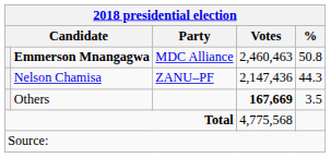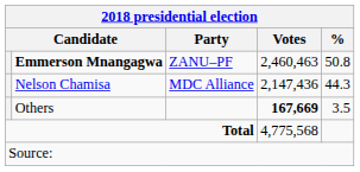 <table class="wikitable">
 <tr>
 <th colspan="5"><a href='#'>2018 presidential election</a></th>
 </tr>
 <tr>
 <th colspan="2">Candidate</th>
 <th>Party</th>
 <th>Votes</th>
 <th>%</th>
 </tr>
 <tr>
 <th style="background-color: "></th>
 <td><strong>Emmerson Mnangagwa</strong></td>
-<td><a href='#'>MDC Alliance</a></td>
+<td><a href='#'>ZANU–PF</a></td>
 <td style="text-align:right">2,460,463</td>
 <td style="text-align:right">50.8</td>
 </tr>
 <tr>
 <th style="background-color: "></th>
 <td><a href='#'>Nelson Chamisa</a></td>
-<td><a href='#'>ZANU–PF</a></td>
+<td><a href='#'>MDC Alliance</a></td>
 <td style="text-align:right">2,147,436</td>
 <td style="text-align:right">44.3</td>
 </tr>
 <tr>
 <th style="background-color: "></th>
 <td>Others</td>
 <td></td>
 <td style="text-align:right"><strong>167,669</strong></td>
 <td style="text-align:right">3.5</td>
 </tr>
 <tr>
 <td colspan="3" style="text-align:right"><strong>Total</strong></td>
 <td style="text-align:right">4,775,568</td>
 <td style="text-align:right"></td>
 </tr>
 <tr>
 <td colspan="5" style="text-align:left">Source:</td>
 </tr>
 </table>
